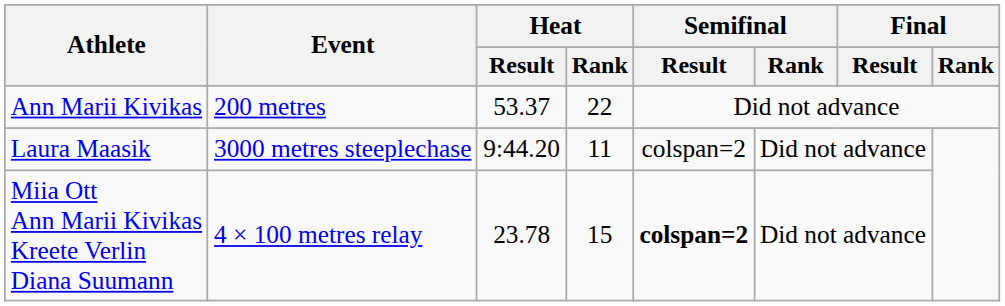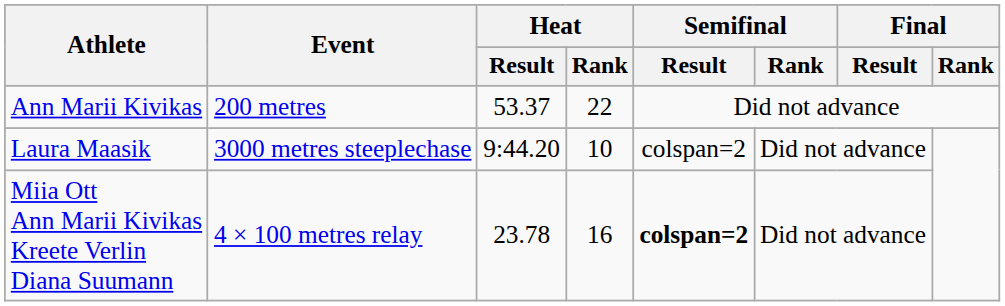 <table class=wikitable style=font-size:90%>
 <tr>
 <th rowspan=2>Athlete</th>
 <th rowspan=2>Event</th>
 <th colspan=2>Heat</th>
 <th colspan=2>Semifinal</th>
 <th colspan=2>Final</th>
 </tr>
 <tr style=font-size:95%>
 <th>Result</th>
 <th>Rank</th>
 <th>Result</th>
 <th>Rank</th>
 <th>Result</th>
 <th>Rank</th>
 </tr>
 <tr align=center>
 <td align=left><a href='#'>Ann Marii Kivikas</a></td>
 <td align=left><a href='#'>200 metres</a></td>
 <td>53.37</td>
 <td>22</td>
 <td colspan=4>Did not advance</td>
 </tr>
 <tr align=center>
 <td align=left><a href='#'>Laura Maasik</a></td>
 <td align=left><a href='#'>3000 metres steeplechase</a></td>
 <td>9:44.20 </td>
-<td>11</td>
+<td>10</td>
 <td>colspan=2</td>
 <td colspan=2>Did not advance</td>
 </tr>
 <tr align=center>
 <td align=left><a href='#'>Miia Ott</a><br><a href='#'>Ann Marii Kivikas</a><br><a href='#'>Kreete Verlin</a><br><a href='#'>Diana Suumann</a></td>
 <td align=left><a href='#'>4 × 100 metres relay</a></td>
 <td>23.78</td>
-<td>15</td>
+<td>16</td>
 <td><strong>colspan=2</strong></td>
 <td colspan=2>Did not advance</td>
 </tr>
 </table>
